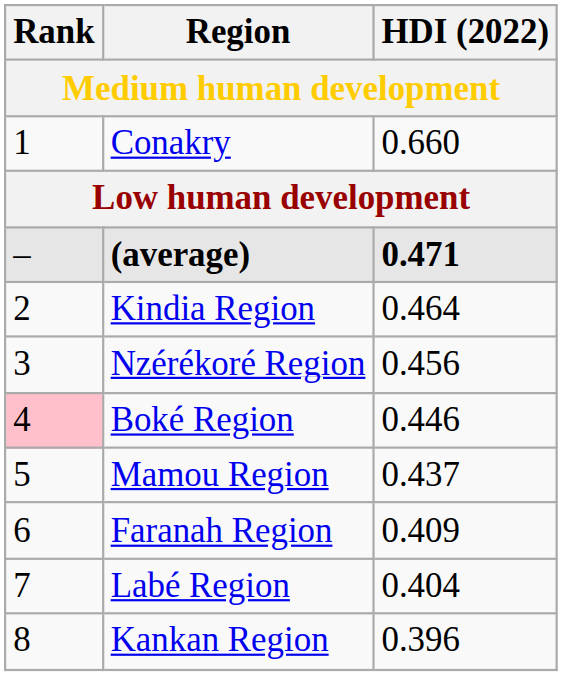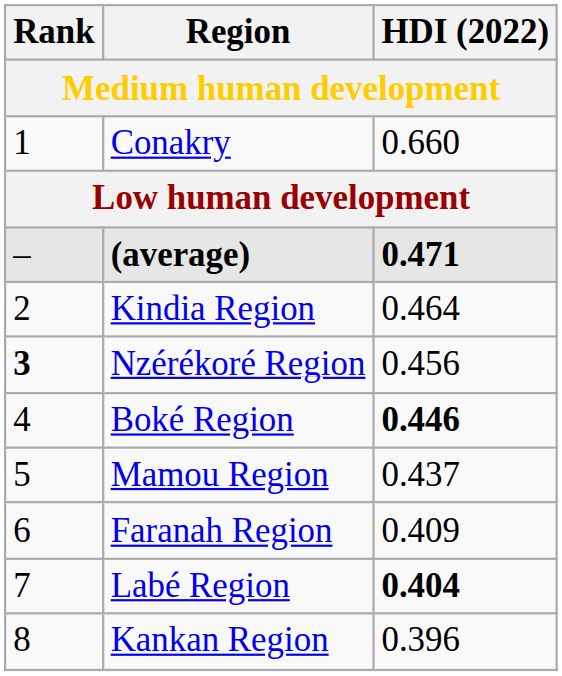 <table class="wikitable sortable">
 <tr>
 <th>Rank</th>
 <th>Region</th>
 <th>HDI (2022)</th>
 </tr>
 <tr>
 <th style="color:#fc0;" colspan="3">Medium human development</th>
 </tr>
 <tr>
 <td>1</td>
 <td><a href='#'>Conakry</a></td>
 <td>0.660</td>
 </tr>
 <tr>
 <th style="color:#900;" colspan="3">Low human development</th>
 </tr>
 <tr style="background:#e6e6e6">
 <td>–</td>
 <td><strong> (average)</strong></td>
 <td><strong>0.471</strong></td>
 </tr>
 <tr>
 <td>2</td>
 <td><a href='#'>Kindia Region</a></td>
 <td>0.464</td>
 </tr>
 <tr>
-<td>3</td>
+<td><strong>3</strong></td>
 <td><a href='#'>Nzérékoré Region</a></td>
 <td>0.456</td>
 </tr>
 <tr>
-<td style="background: pink;">4</td>
+<td>4</td>
 <td><a href='#'>Boké Region</a></td>
-<td>0.446</td>
+<td><strong>0.446</strong></td>
 </tr>
 <tr>
 <td>5</td>
 <td><a href='#'>Mamou Region</a></td>
 <td>0.437</td>
 </tr>
 <tr>
 <td>6</td>
 <td><a href='#'>Faranah Region</a></td>
 <td>0.409</td>
 </tr>
 <tr>
 <td>7</td>
 <td><a href='#'>Labé Region</a></td>
-<td>0.404</td>
+<td><strong>0.404</strong></td>
 </tr>
 <tr>
 <td>8</td>
 <td><a href='#'>Kankan Region</a></td>
 <td>0.396</td>
 </tr>
 </table>
